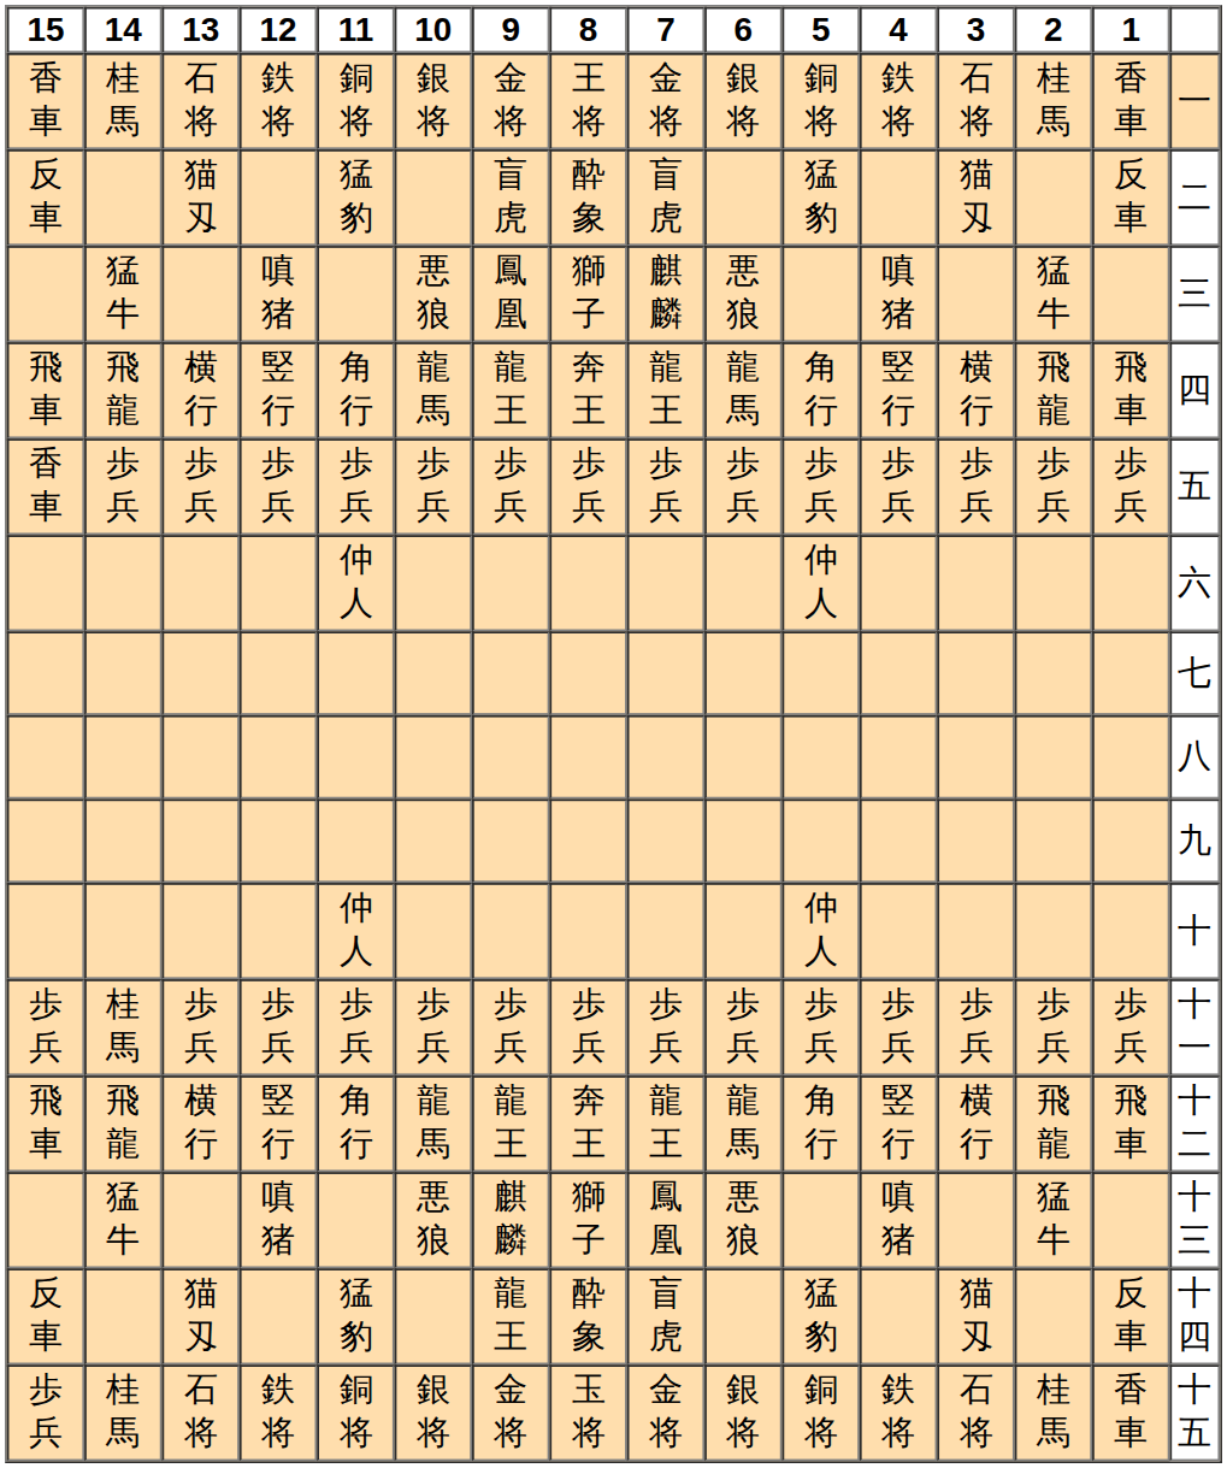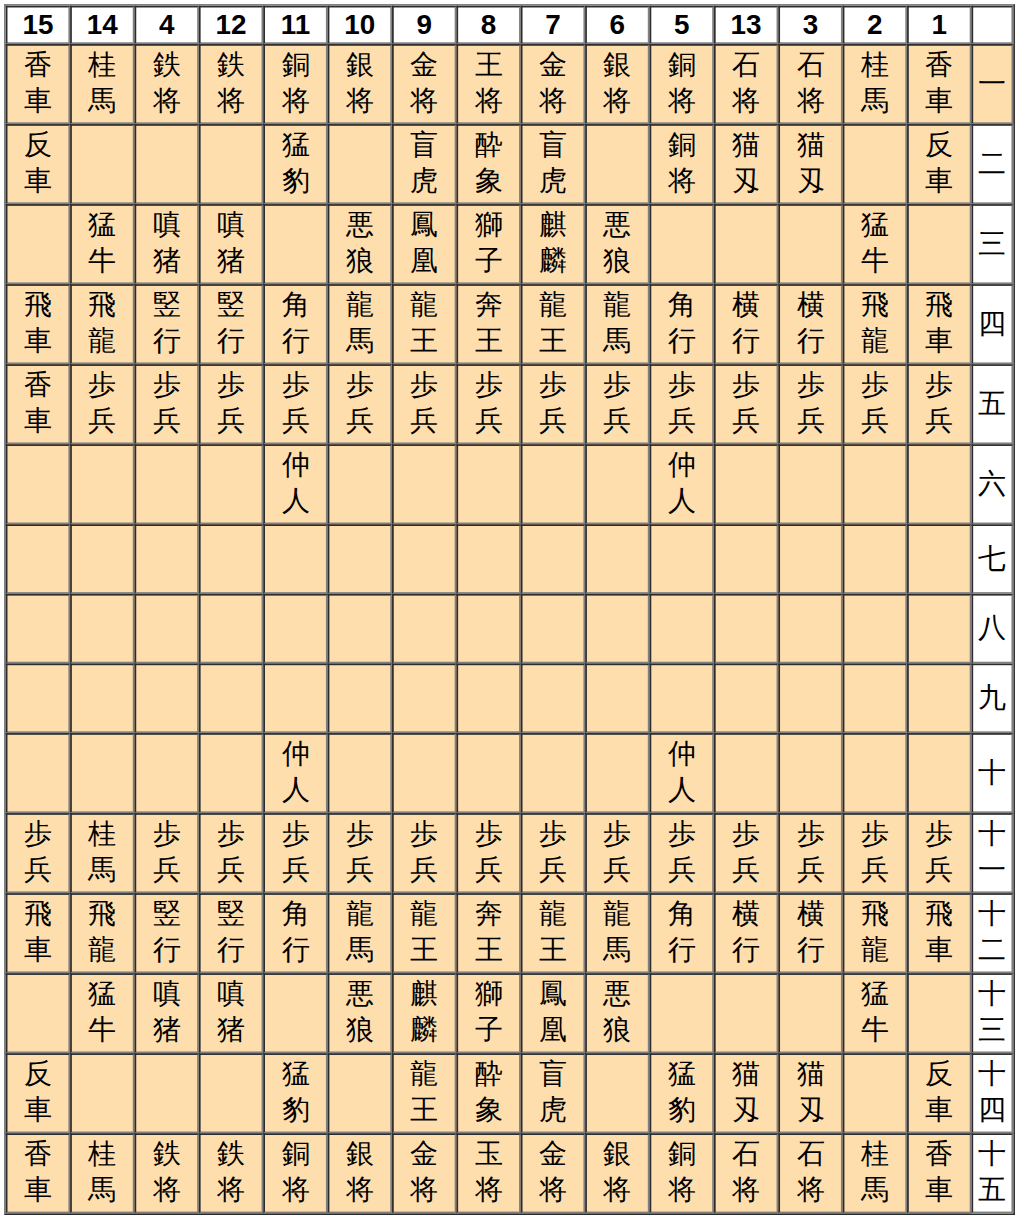 <table style="background:#ffdead; text-align:center;" border="1" cellspacing="0">
 <tr border="0" style="background:white;">
 <th style="width:33px">15</th>
 <th style="width:33px">14</th>
-<th style="width:33px">13</th>
+<th style="width:33px">4</th>
 <th style="width:33px">12</th>
 <th style="width:33px">11</th>
 <th style="width:33px">10</th>
 <th style="width:33px">9</th>
 <th style="width:33px">8</th>
 <th style="width:33px">7</th>
 <th style="width:33px">6</th>
 <th style="width:33px">5</th>
-<th style="width:33px">4</th>
+<th style="width:33px">13</th>
 <th style="width:33px">3</th>
 <th style="width:33px">2</th>
 <th style="width:33px">1</th>
 <th> </th>
 </tr>
 <tr>
 <td>香<br>車</td>
 <td>桂<br>馬</td>
-<td>石<br>将</td>
+<td>鉄<br>将</td>
 <td>鉄<br>将</td>
 <td>銅<br>将</td>
 <td>銀<br>将</td>
 <td>金<br>将</td>
 <td>王<br>将</td>
 <td>金<br>将</td>
 <td>銀<br>将</td>
 <td>銅<br>将</td>
-<td>鉄<br>将</td>
+<td>石<br>将</td>
 <td>石<br>将</td>
 <td>桂<br>馬</td>
 <td>香<br>車</td>
 <td style="width:20px" style="background:white;">一</td>
 </tr>
 <tr>
 <td>反<br>車</td>
 <td> </td>
-<td>猫<br>刄</td>
+<td> </td>
 <td> </td>
 <td>猛<br>豹</td>
 <td> </td>
 <td>盲<br>虎</td>
 <td>酔<br>象</td>
 <td>盲<br>虎</td>
 <td> </td>
-<td>猛<br>豹</td>
-<td> </td>
+<td>銅<br>将</td>
+<td>猫<br>刄</td>
 <td>猫<br>刄</td>
 <td> </td>
 <td>反<br>車</td>
 <td style="background:white;">二</td>
 </tr>
 <tr>
 <td> </td>
 <td>猛<br>牛</td>
-<td> </td>
+<td>嗔<br>猪</td>
 <td>嗔<br>猪</td>
 <td> </td>
 <td>悪<br>狼</td>
 <td>鳳<br>凰</td>
 <td>獅<br>子</td>
 <td>麒<br>麟</td>
 <td>悪<br>狼</td>
 <td> </td>
-<td>嗔<br>猪</td>
+<td> </td>
 <td> </td>
 <td>猛<br>牛</td>
 <td> </td>
 <td style="background:white;">三</td>
 </tr>
 <tr>
 <td>飛<br>車</td>
 <td>飛<br>龍</td>
-<td>横<br>行</td>
+<td>竪<br>行</td>
 <td>竪<br>行</td>
 <td>角<br>行</td>
 <td>龍<br>馬</td>
 <td>龍<br>王</td>
 <td>奔<br>王</td>
 <td>龍<br>王</td>
 <td>龍<br>馬</td>
 <td>角<br>行</td>
-<td>竪<br>行</td>
+<td>横<br>行</td>
 <td>横<br>行</td>
 <td>飛<br>龍</td>
 <td>飛<br>車</td>
 <td style="background:white;">四</td>
 </tr>
 <tr>
 <td>香<br>車</td>
 <td>歩<br>兵</td>
 <td>歩<br>兵</td>
 <td>歩<br>兵</td>
 <td>歩<br>兵</td>
 <td>歩<br>兵</td>
 <td>歩<br>兵</td>
 <td>歩<br>兵</td>
 <td>歩<br>兵</td>
 <td>歩<br>兵</td>
 <td>歩<br>兵</td>
 <td>歩<br>兵</td>
 <td>歩<br>兵</td>
 <td>歩<br>兵</td>
 <td>歩<br>兵</td>
 <td style="background:white;">五</td>
 </tr>
 <tr>
 <td> </td>
 <td> </td>
 <td> </td>
 <td> </td>
 <td>仲<br>人</td>
 <td> </td>
 <td> </td>
 <td> </td>
 <td> </td>
 <td> </td>
 <td>仲<br>人</td>
 <td> </td>
 <td> </td>
 <td> </td>
 <td> </td>
 <td style="background:white;">六</td>
 </tr>
 <tr>
 <td> <br> </td>
 <td> </td>
 <td> </td>
 <td> </td>
 <td> </td>
 <td> </td>
 <td> </td>
 <td> </td>
 <td> </td>
 <td> </td>
 <td> </td>
 <td> </td>
 <td> </td>
 <td> </td>
 <td> </td>
 <td style="background:white;">七</td>
 </tr>
 <tr>
 <td> <br> </td>
 <td> </td>
 <td> </td>
 <td> </td>
 <td> </td>
 <td> </td>
 <td> </td>
 <td> </td>
 <td> </td>
 <td> </td>
 <td> </td>
 <td> </td>
 <td> </td>
 <td> </td>
 <td> </td>
 <td style="background:white;">八</td>
 </tr>
 <tr>
 <td> <br> </td>
 <td> </td>
 <td> </td>
 <td> </td>
 <td> </td>
 <td> </td>
 <td> </td>
 <td> </td>
 <td> </td>
 <td> </td>
 <td> </td>
 <td> </td>
 <td> </td>
 <td> </td>
 <td> </td>
 <td style="background:white;">九</td>
 </tr>
 <tr>
 <td> </td>
 <td> </td>
 <td> </td>
 <td> </td>
 <td>仲<br>人</td>
 <td> </td>
 <td> </td>
 <td> </td>
 <td> </td>
 <td> </td>
 <td>仲<br>人</td>
 <td> </td>
 <td> </td>
 <td> </td>
 <td> </td>
 <td style="background:white;">十</td>
 </tr>
 <tr>
 <td>歩<br>兵</td>
 <td>桂<br>馬</td>
 <td>歩<br>兵</td>
 <td>歩<br>兵</td>
 <td>歩<br>兵</td>
 <td>歩<br>兵</td>
 <td>歩<br>兵</td>
 <td>歩<br>兵</td>
 <td>歩<br>兵</td>
 <td>歩<br>兵</td>
 <td>歩<br>兵</td>
 <td>歩<br>兵</td>
 <td>歩<br>兵</td>
 <td>歩<br>兵</td>
 <td>歩<br>兵</td>
 <td style="background:white;">十<br>一</td>
 </tr>
 <tr>
 <td>飛<br>車</td>
 <td>飛<br>龍</td>
-<td>横<br>行</td>
+<td>竪<br>行</td>
 <td>竪<br>行</td>
 <td>角<br>行</td>
 <td>龍<br>馬</td>
 <td>龍<br>王</td>
 <td>奔<br>王</td>
 <td>龍<br>王</td>
 <td>龍<br>馬</td>
 <td>角<br>行</td>
-<td>竪<br>行</td>
+<td>横<br>行</td>
 <td>横<br>行</td>
 <td>飛<br>龍</td>
 <td>飛<br>車</td>
 <td style="background:white;">十<br>二</td>
 </tr>
 <tr>
 <td> </td>
 <td>猛<br>牛</td>
-<td> </td>
+<td>嗔<br>猪</td>
 <td>嗔<br>猪</td>
 <td> </td>
 <td>悪<br>狼</td>
 <td>麒<br>麟</td>
 <td>獅<br>子</td>
 <td>鳳<br>凰</td>
 <td>悪<br>狼</td>
 <td> </td>
-<td>嗔<br>猪</td>
+<td> </td>
 <td> </td>
 <td>猛<br>牛</td>
 <td> </td>
 <td style="background:white;">十<br>三</td>
 </tr>
 <tr>
 <td>反<br>車</td>
 <td> </td>
-<td>猫<br>刄</td>
+<td> </td>
 <td> </td>
 <td>猛<br>豹</td>
 <td> </td>
 <td>龍<br>王</td>
 <td>酔<br>象</td>
 <td>盲<br>虎</td>
 <td> </td>
 <td>猛<br>豹</td>
-<td> </td>
+<td>猫<br>刄</td>
 <td>猫<br>刄</td>
 <td> </td>
 <td>反<br>車</td>
 <td style="background:white;">十<br>四</td>
 </tr>
 <tr>
-<td>歩<br>兵</td>
+<td>香<br>車</td>
 <td>桂<br>馬</td>
-<td>石<br>将</td>
+<td>鉄<br>将</td>
 <td>鉄<br>将</td>
 <td>銅<br>将</td>
 <td>銀<br>将</td>
 <td>金<br>将</td>
 <td>玉<br>将</td>
 <td>金<br>将</td>
 <td>銀<br>将</td>
 <td>銅<br>将</td>
-<td>鉄<br>将</td>
+<td>石<br>将</td>
 <td>石<br>将</td>
 <td>桂<br>馬</td>
 <td>香<br>車</td>
 <td style="background:white;">十<br>五</td>
 </tr>
 </table>
